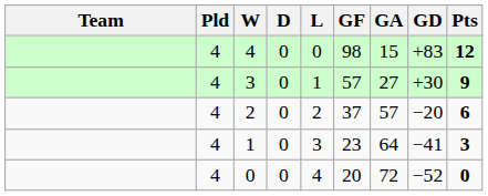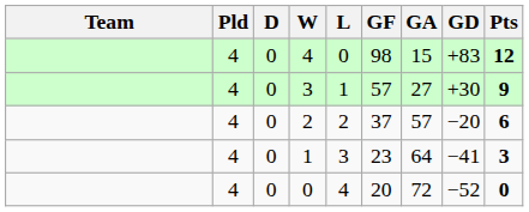 <table class="wikitable" style="text-align:center;">
 <tr>
 <th width=150>Team</th>
 <th width=20>Pld</th>
+<th width=20>D</th>
 <th width=20>W</th>
-<th width=20>D</th>
 <th width=20>L</th>
 <th width=20>GF</th>
 <th width=20>GA</th>
 <th width=20>GD</th>
 <th width=20>Pts</th>
 </tr>
 <tr bgcolor=ccffcc>
 <td align="left"></td>
 <td>4</td>
+<td>0</td>
 <td>4</td>
-<td>0</td>
 <td>0</td>
 <td>98</td>
 <td>15</td>
 <td>+83</td>
 <td><strong>12</strong></td>
 </tr>
 <tr bgcolor=ccffcc>
 <td align="left"></td>
 <td>4</td>
+<td>0</td>
 <td>3</td>
-<td>0</td>
 <td>1</td>
 <td>57</td>
 <td>27</td>
 <td>+30</td>
 <td><strong>9</strong></td>
 </tr>
 <tr>
 <td align="left"></td>
 <td>4</td>
+<td>0</td>
 <td>2</td>
-<td>0</td>
 <td>2</td>
 <td>37</td>
 <td>57</td>
 <td>−20</td>
 <td><strong>6</strong></td>
 </tr>
 <tr>
 <td align="left"></td>
 <td>4</td>
+<td>0</td>
 <td>1</td>
-<td>0</td>
 <td>3</td>
 <td>23</td>
 <td>64</td>
 <td>−41</td>
 <td><strong>3</strong></td>
 </tr>
 <tr>
 <td align="left"></td>
 <td>4</td>
 <td>0</td>
 <td>0</td>
 <td>4</td>
 <td>20</td>
 <td>72</td>
 <td>−52</td>
 <td><strong>0</strong></td>
 </tr>
 </table>
